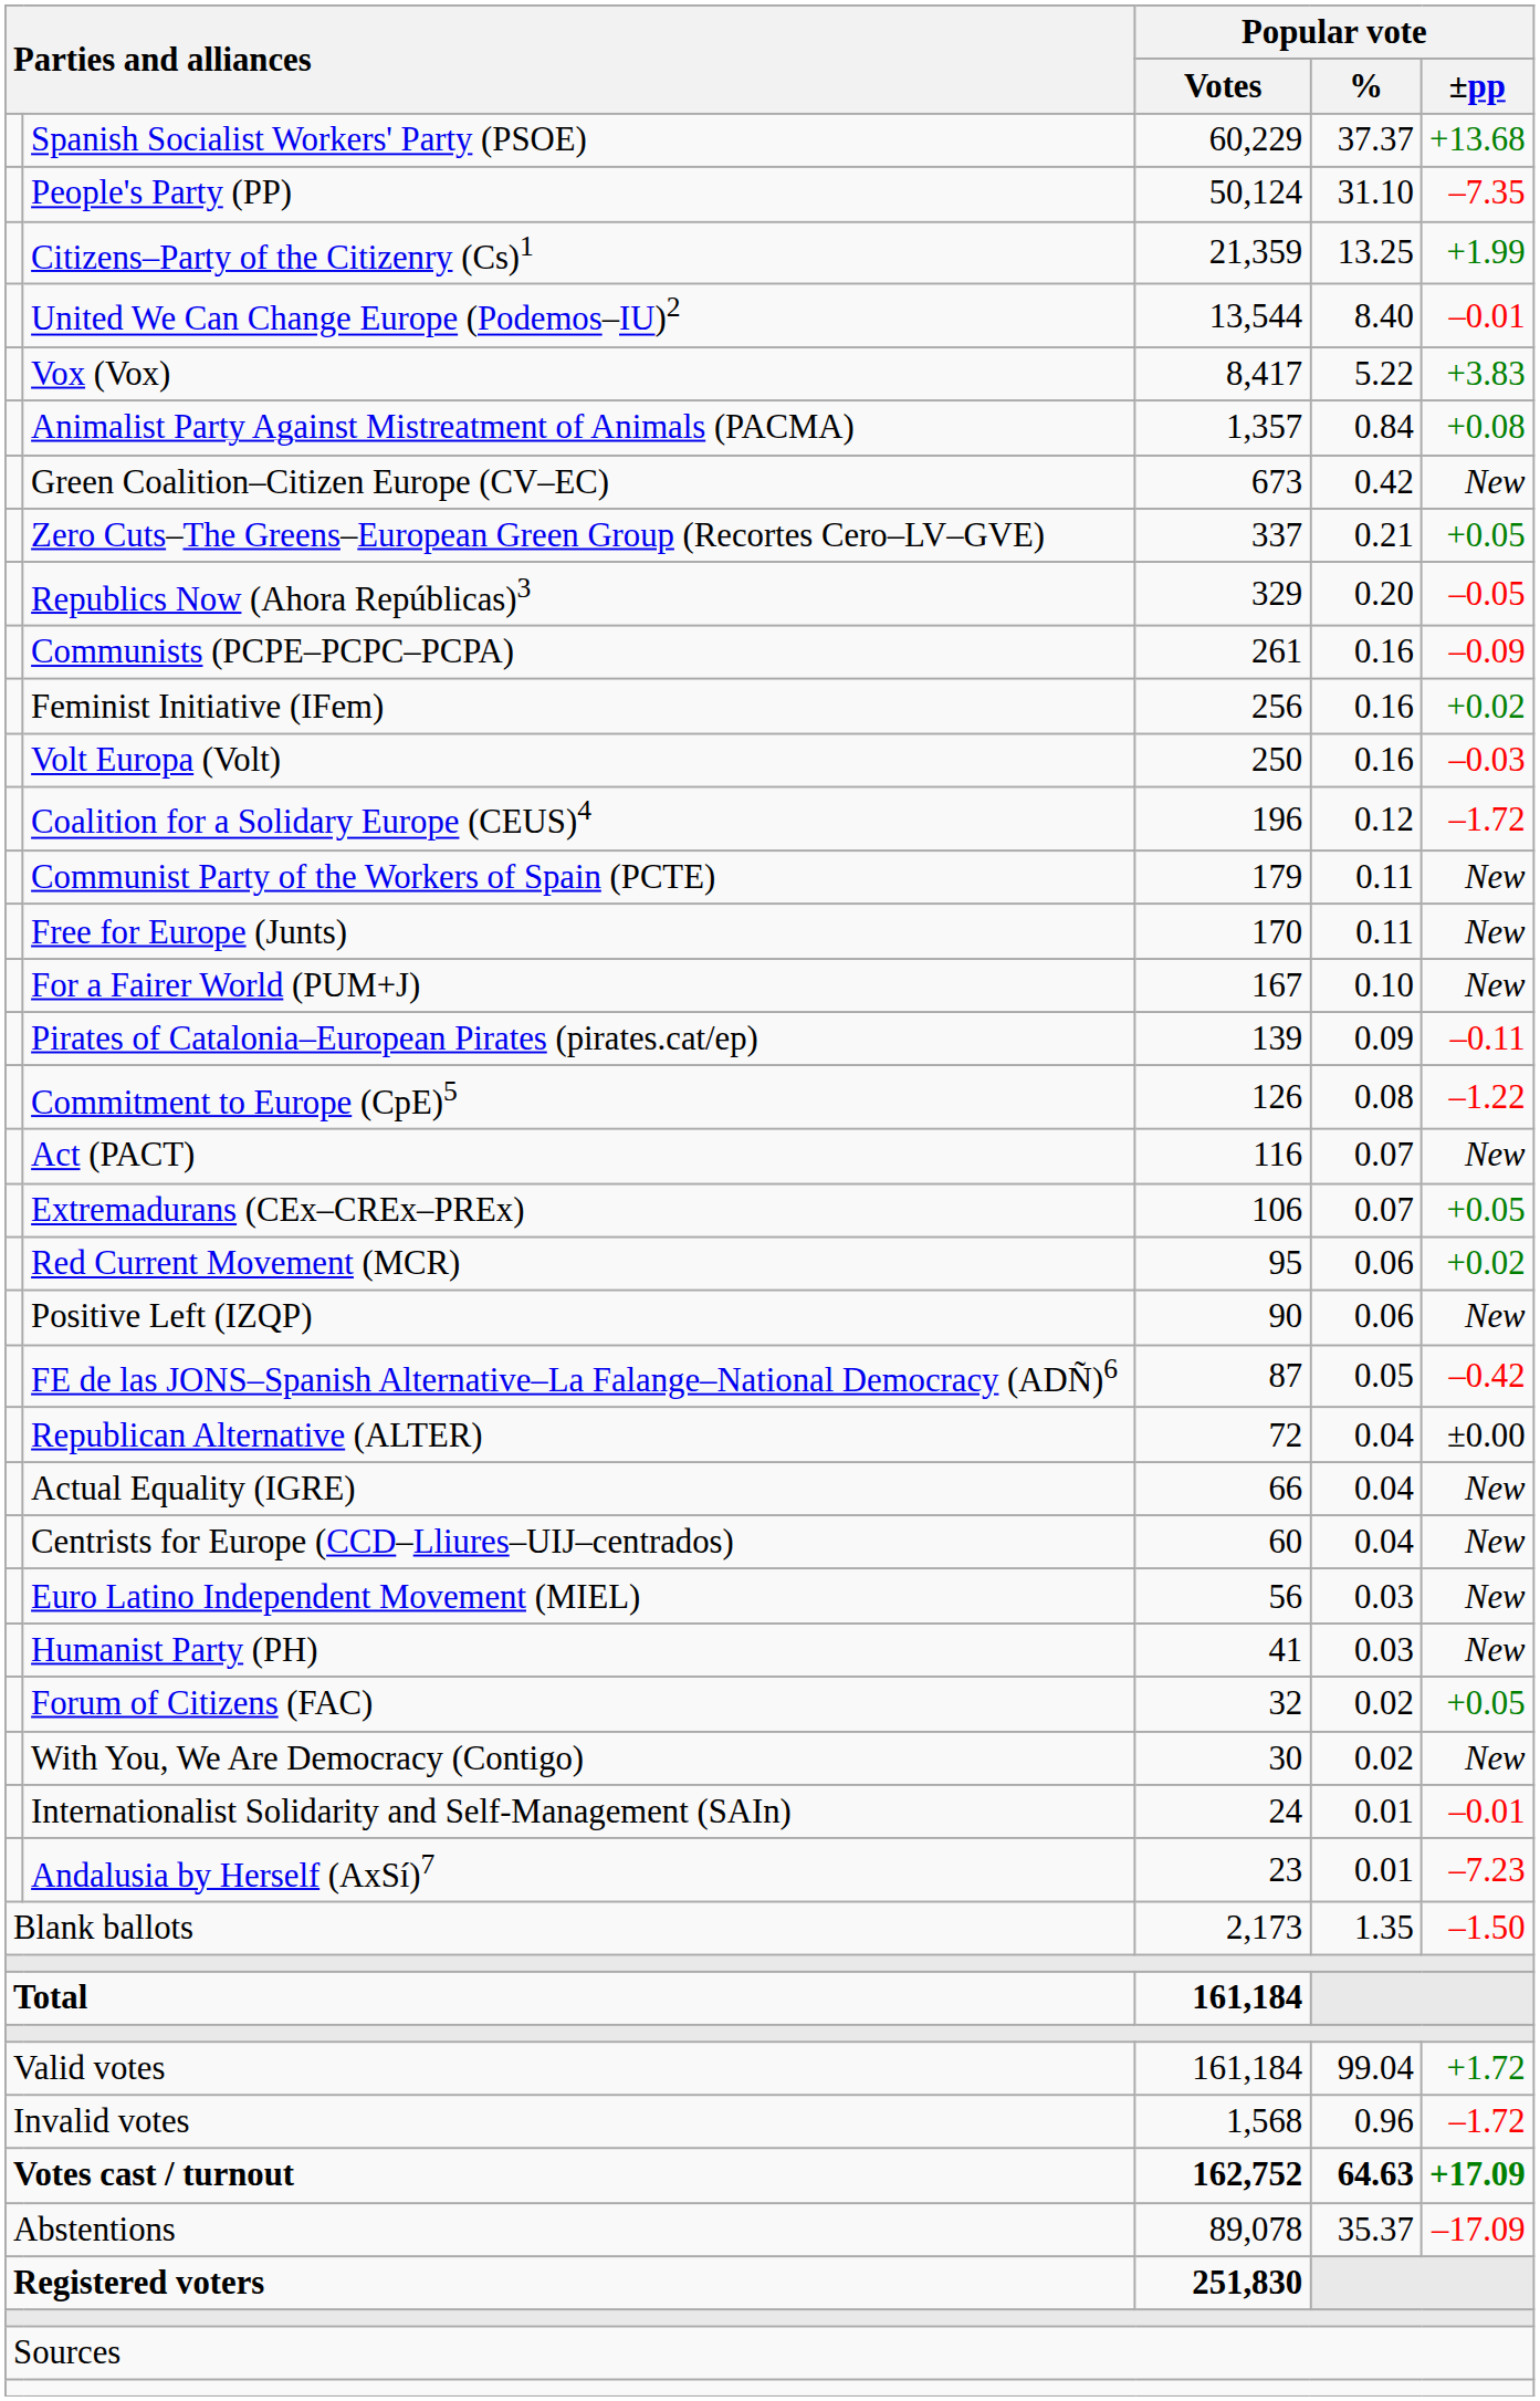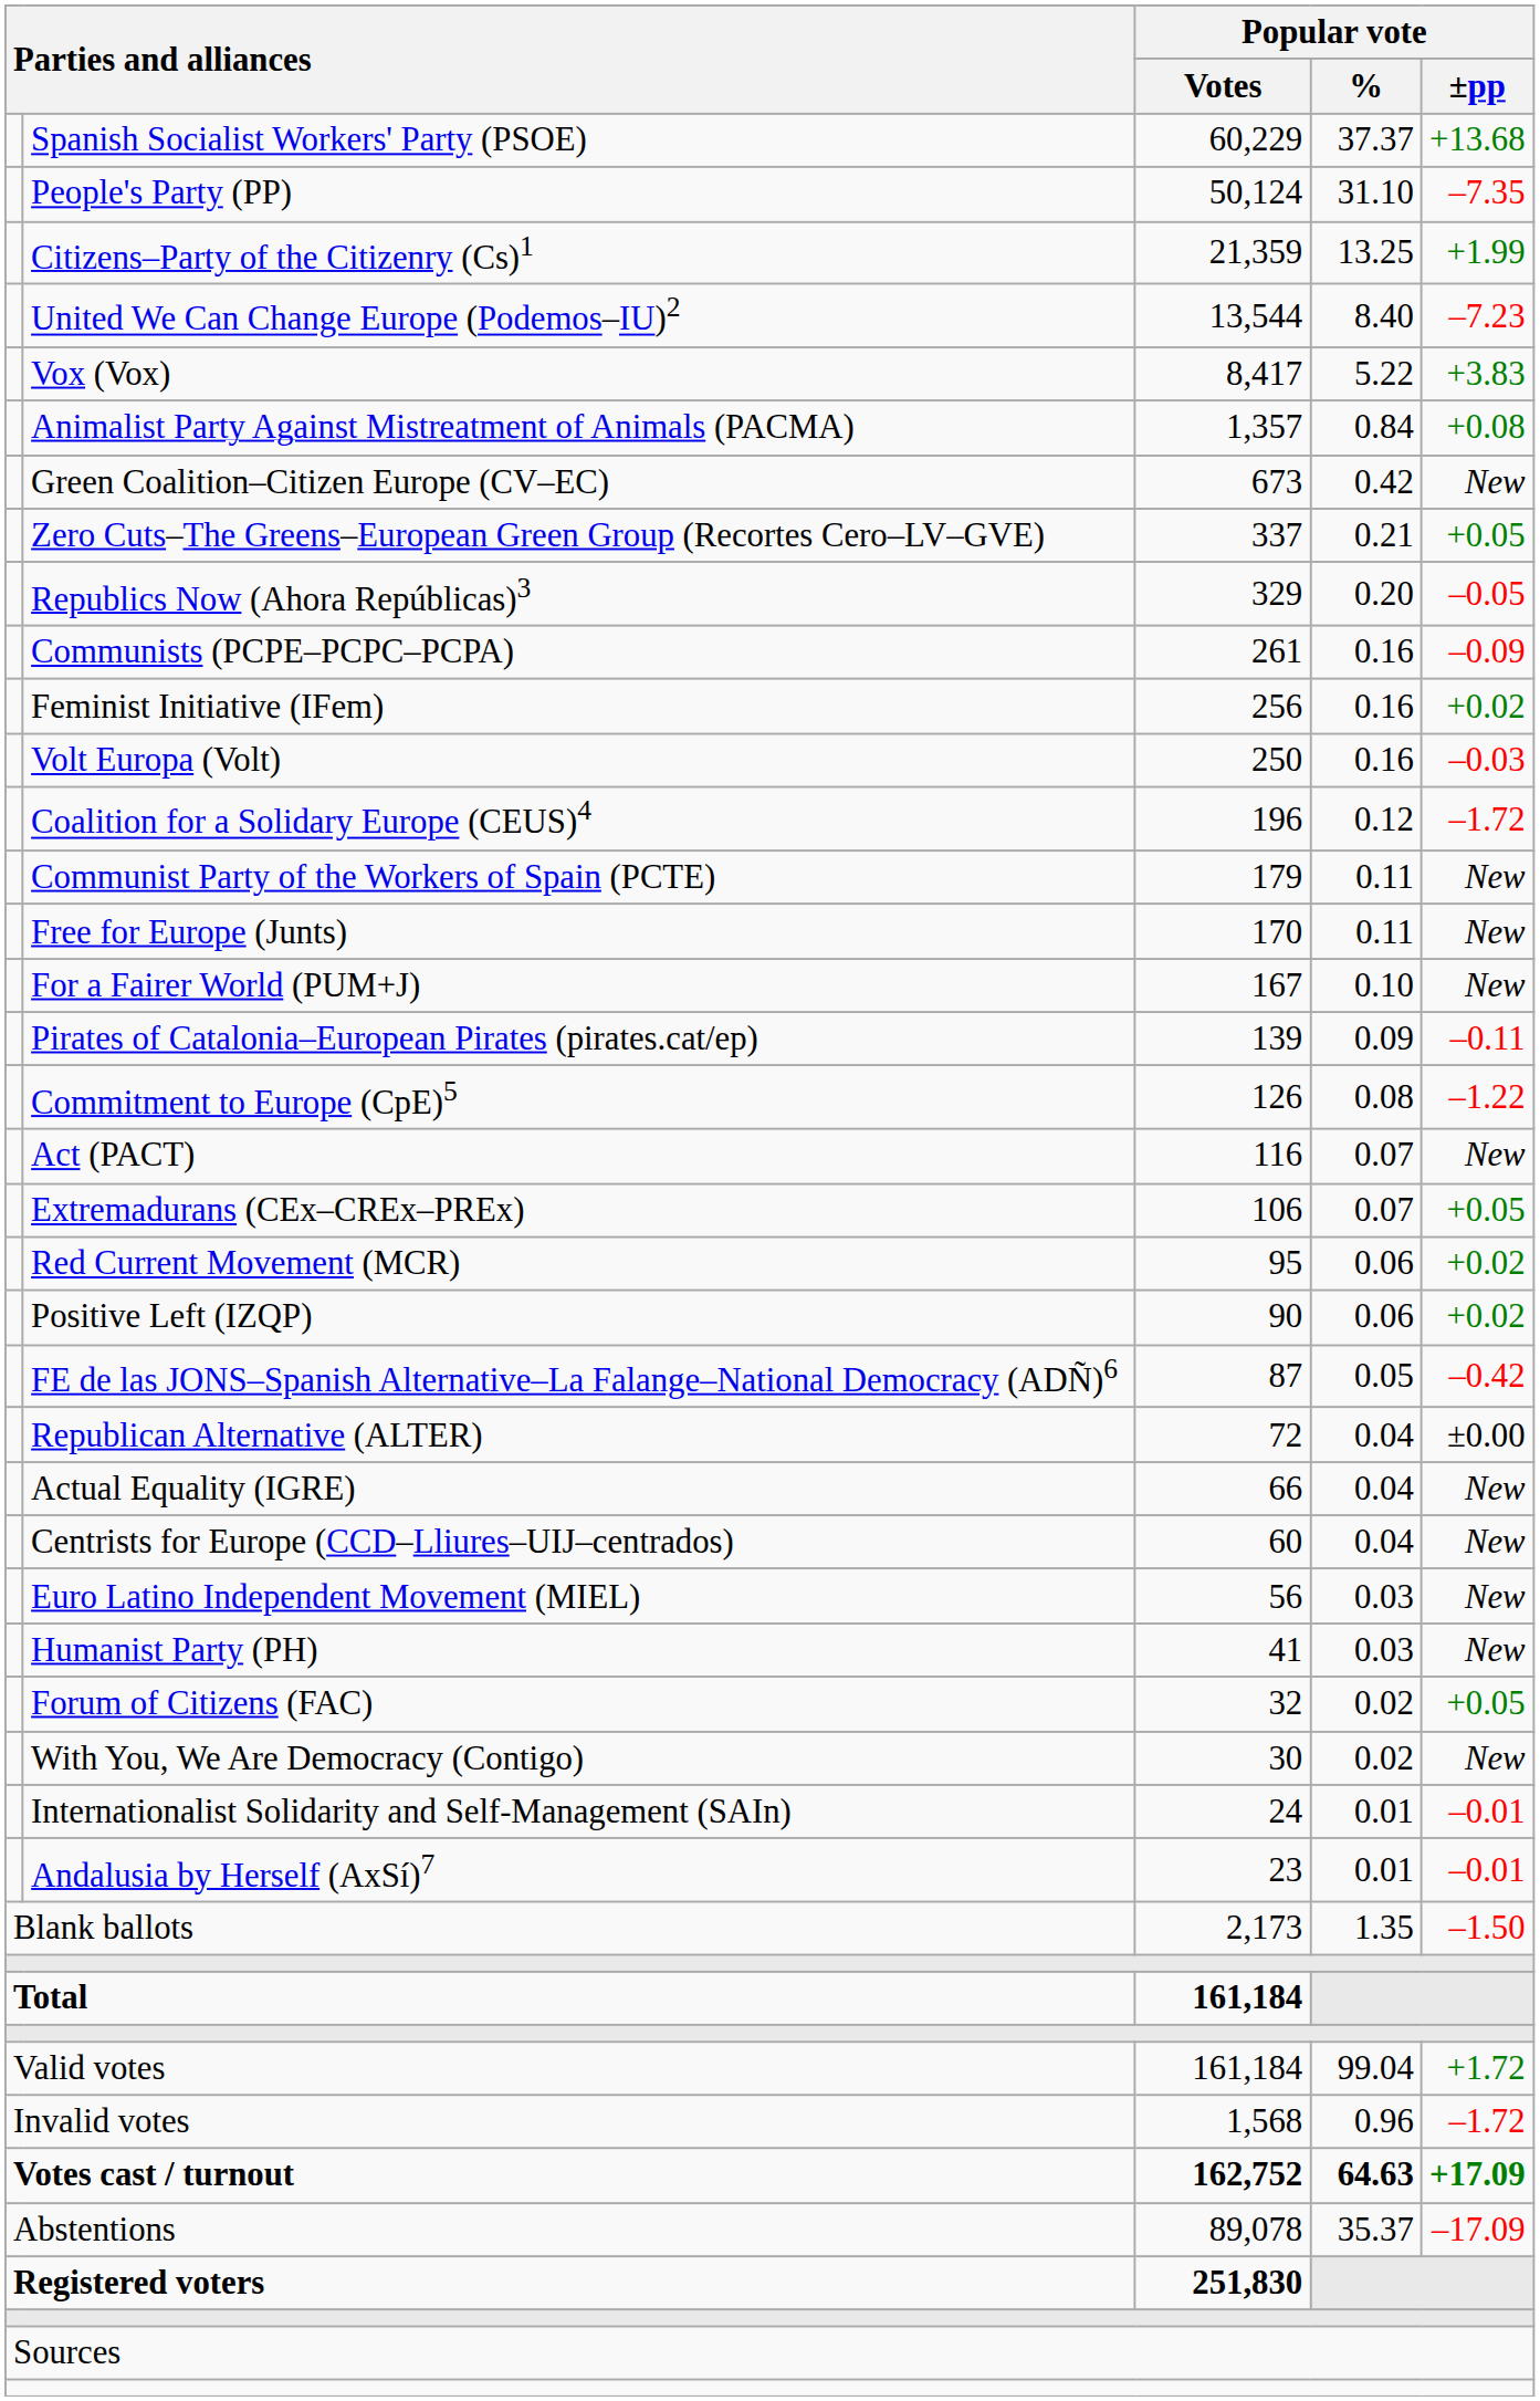 <table class="wikitable" style="text-align:right;">
 <tr>
 <th style="text-align:left;" rowspan="2" colspan="2" width="525">Parties and alliances</th>
 <th colspan="3">Popular vote</th>
 </tr>
 <tr>
 <th width="75">Votes</th>
 <th width="45">%</th>
 <th width="45">±<a href='#'>pp</a></th>
 </tr>
 <tr>
 <td width="1" style="color:inherit;background:"></td>
 <td align="left"><a href='#'>Spanish Socialist Workers' Party</a> (PSOE)</td>
 <td>60,229</td>
 <td>37.37</td>
 <td style="color:green;">+13.68</td>
 </tr>
 <tr>
 <td style="color:inherit;background:"></td>
 <td align="left"><a href='#'>People's Party</a> (PP)</td>
 <td>50,124</td>
 <td>31.10</td>
 <td style="color:red;">–7.35</td>
 </tr>
 <tr>
 <td style="color:inherit;background:"></td>
 <td align="left"><a href='#'>Citizens–Party of the Citizenry</a> (Cs)<sup>1</sup></td>
 <td>21,359</td>
 <td>13.25</td>
 <td style="color:green;">+1.99</td>
 </tr>
 <tr>
 <td style="color:inherit;background:"></td>
 <td align="left"><a href='#'>United We Can Change Europe</a> (<a href='#'>Podemos</a>–<a href='#'>IU</a>)<sup>2</sup></td>
 <td>13,544</td>
 <td>8.40</td>
-<td style="color:red;">–0.01</td>
+<td style="color:red;">–7.23</td>
 </tr>
 <tr>
 <td style="color:inherit;background:"></td>
 <td align="left"><a href='#'>Vox</a> (Vox)</td>
 <td>8,417</td>
 <td>5.22</td>
 <td style="color:green;">+3.83</td>
 </tr>
 <tr>
 <td style="color:inherit;background:"></td>
 <td align="left"><a href='#'>Animalist Party Against Mistreatment of Animals</a> (PACMA)</td>
 <td>1,357</td>
 <td>0.84</td>
 <td style="color:green;">+0.08</td>
 </tr>
 <tr>
 <td style="color:inherit;background:"></td>
 <td align="left">Green Coalition–Citizen Europe (CV–EC)</td>
 <td>673</td>
 <td>0.42</td>
 <td><em>New</em></td>
 </tr>
 <tr>
 <td style="color:inherit;background:"></td>
 <td align="left"><a href='#'>Zero Cuts</a>–<a href='#'>The Greens</a>–<a href='#'>European Green Group</a> (Recortes Cero–LV–GVE)</td>
 <td>337</td>
 <td>0.21</td>
 <td style="color:green;">+0.05</td>
 </tr>
 <tr>
 <td style="color:inherit;background:"></td>
 <td align="left"><a href='#'>Republics Now</a> (Ahora Repúblicas)<sup>3</sup></td>
 <td>329</td>
 <td>0.20</td>
 <td style="color:red;">–0.05</td>
 </tr>
 <tr>
 <td style="color:inherit;background:"></td>
 <td align="left"><a href='#'>Communists</a> (PCPE–PCPC–PCPA)</td>
 <td>261</td>
 <td>0.16</td>
 <td style="color:red;">–0.09</td>
 </tr>
 <tr>
 <td style="color:inherit;background:"></td>
 <td align="left">Feminist Initiative (IFem)</td>
 <td>256</td>
 <td>0.16</td>
 <td style="color:green;">+0.02</td>
 </tr>
 <tr>
 <td style="color:inherit;background:"></td>
 <td align="left"><a href='#'>Volt Europa</a> (Volt)</td>
 <td>250</td>
 <td>0.16</td>
 <td style="color:red;">–0.03</td>
 </tr>
 <tr>
 <td style="color:inherit;background:"></td>
 <td align="left"><a href='#'>Coalition for a Solidary Europe</a> (CEUS)<sup>4</sup></td>
 <td>196</td>
 <td>0.12</td>
 <td style="color:red;">–1.72</td>
 </tr>
 <tr>
 <td style="color:inherit;background:"></td>
 <td align="left"><a href='#'>Communist Party of the Workers of Spain</a> (PCTE)</td>
 <td>179</td>
 <td>0.11</td>
 <td><em>New</em></td>
 </tr>
 <tr>
 <td style="color:inherit;background:"></td>
 <td align="left"><a href='#'>Free for Europe</a> (Junts)</td>
 <td>170</td>
 <td>0.11</td>
 <td><em>New</em></td>
 </tr>
 <tr>
 <td style="color:inherit;background:"></td>
 <td align="left"><a href='#'>For a Fairer World</a> (PUM+J)</td>
 <td>167</td>
 <td>0.10</td>
 <td><em>New</em></td>
 </tr>
 <tr>
 <td style="color:inherit;background:"></td>
 <td align="left"><a href='#'>Pirates of Catalonia–European Pirates</a> (pirates.cat/ep)</td>
 <td>139</td>
 <td>0.09</td>
 <td style="color:red;">–0.11</td>
 </tr>
 <tr>
 <td style="color:inherit;background:"></td>
 <td align="left"><a href='#'>Commitment to Europe</a> (CpE)<sup>5</sup></td>
 <td>126</td>
 <td>0.08</td>
 <td style="color:red;">–1.22</td>
 </tr>
 <tr>
 <td style="color:inherit;background:"></td>
 <td align="left"><a href='#'>Act</a> (PACT)</td>
 <td>116</td>
 <td>0.07</td>
 <td><em>New</em></td>
 </tr>
 <tr>
 <td style="color:inherit;background:"></td>
 <td align="left"><a href='#'>Extremadurans</a> (CEx–CREx–PREx)</td>
 <td>106</td>
 <td>0.07</td>
 <td style="color:green;">+0.05</td>
 </tr>
 <tr>
 <td style="color:inherit;background:"></td>
 <td align="left"><a href='#'>Red Current Movement</a> (MCR)</td>
 <td>95</td>
 <td>0.06</td>
 <td style="color:green;">+0.02</td>
 </tr>
 <tr>
 <td style="color:inherit;background:"></td>
 <td align="left">Positive Left (IZQP)</td>
 <td>90</td>
 <td>0.06</td>
-<td><em>New</em></td>
+<td style="color:green;">+0.02</td>
 </tr>
 <tr>
 <td style="color:inherit;background:"></td>
 <td align="left"><a href='#'>FE de las JONS–Spanish Alternative–La Falange–National Democracy</a> (ADÑ)<sup>6</sup></td>
 <td>87</td>
 <td>0.05</td>
 <td style="color:red;">–0.42</td>
 </tr>
 <tr>
 <td style="color:inherit;background:"></td>
 <td align="left"><a href='#'>Republican Alternative</a> (ALTER)</td>
 <td>72</td>
 <td>0.04</td>
 <td>±0.00</td>
 </tr>
 <tr>
 <td style="color:inherit;background:"></td>
 <td align="left">Actual Equality (IGRE)</td>
 <td>66</td>
 <td>0.04</td>
 <td><em>New</em></td>
 </tr>
 <tr>
 <td style="color:inherit;background:"></td>
 <td align="left">Centrists for Europe (<a href='#'>CCD</a>–<a href='#'>Lliures</a>–UIJ–centrados)</td>
 <td>60</td>
 <td>0.04</td>
 <td><em>New</em></td>
 </tr>
 <tr>
 <td style="color:inherit;background:"></td>
 <td align="left"><a href='#'>Euro Latino Independent Movement</a> (MIEL)</td>
 <td>56</td>
 <td>0.03</td>
 <td><em>New</em></td>
 </tr>
 <tr>
 <td style="color:inherit;background:"></td>
 <td align="left"><a href='#'>Humanist Party</a> (PH)</td>
 <td>41</td>
 <td>0.03</td>
 <td><em>New</em></td>
 </tr>
 <tr>
 <td style="color:inherit;background:"></td>
 <td align="left"><a href='#'>Forum of Citizens</a> (FAC)</td>
 <td>32</td>
 <td>0.02</td>
 <td style="color:green;">+0.05</td>
 </tr>
 <tr>
 <td style="color:inherit;background:"></td>
 <td align="left">With You, We Are Democracy (Contigo)</td>
 <td>30</td>
 <td>0.02</td>
 <td><em>New</em></td>
 </tr>
 <tr>
 <td style="color:inherit;background:"></td>
 <td align="left">Internationalist Solidarity and Self-Management (SAIn)</td>
 <td>24</td>
 <td>0.01</td>
 <td style="color:red;">–0.01</td>
 </tr>
 <tr>
 <td style="color:inherit;background:"></td>
 <td align="left"><a href='#'>Andalusia by Herself</a> (AxSí)<sup>7</sup></td>
 <td>23</td>
 <td>0.01</td>
-<td style="color:red;">–7.23</td>
+<td style="color:red;">–0.01</td>
 </tr>
 <tr>
 <td align="left" colspan="2">Blank ballots</td>
 <td>2,173</td>
 <td>1.35</td>
 <td style="color:red;">–1.50</td>
 </tr>
 <tr>
 <td colspan="5" bgcolor="#E9E9E9"></td>
 </tr>
 <tr style="font-weight:bold;">
 <td align="left" colspan="2">Total</td>
 <td>161,184</td>
 <td bgcolor="#E9E9E9" colspan="2"></td>
 </tr>
 <tr>
 <td colspan="5" bgcolor="#E9E9E9"></td>
 </tr>
 <tr>
 <td align="left" colspan="2">Valid votes</td>
 <td>161,184</td>
 <td>99.04</td>
 <td style="color:green;">+1.72</td>
 </tr>
 <tr>
 <td align="left" colspan="2">Invalid votes</td>
 <td>1,568</td>
 <td>0.96</td>
 <td style="color:red;">–1.72</td>
 </tr>
 <tr style="font-weight:bold;">
 <td align="left" colspan="2">Votes cast / turnout</td>
 <td>162,752</td>
 <td>64.63</td>
 <td style="color:green;">+17.09</td>
 </tr>
 <tr>
 <td align="left" colspan="2">Abstentions</td>
 <td>89,078</td>
 <td>35.37</td>
 <td style="color:red;">–17.09</td>
 </tr>
 <tr style="font-weight:bold;">
 <td align="left" colspan="2">Registered voters</td>
 <td>251,830</td>
 <td bgcolor="#E9E9E9" colspan="2"></td>
 </tr>
 <tr>
 <td colspan="5" bgcolor="#E9E9E9"></td>
 </tr>
 <tr>
 <td align="left" colspan="5">Sources</td>
 </tr>
 <tr>
 <td colspan="5" style="text-align:left; max-width:680px;"></td>
 </tr>
 </table>
